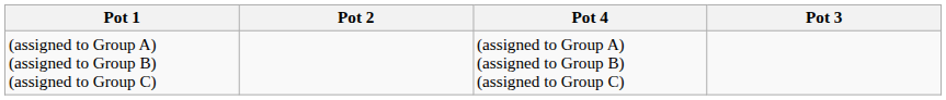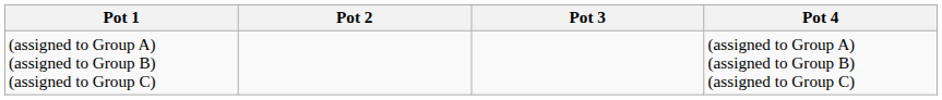 <table class="wikitable" style="width:900px">
 <tr>
 <th style="width:25%;">Pot 1</th>
 <th style="width:25%;">Pot 2</th>
+<th style="width:25%;">Pot 3</th>
 <th style="width:25%;">Pot 4</th>
-<th style="width:25%;">Pot 3</th>
 </tr>
 <tr>
 <td> (assigned to Group A)<br> (assigned to Group B)<br> (assigned to Group C)</td>
 <td><br><br></td>
+<td><br><br></td>
 <td> (assigned to Group A)<br> (assigned to Group B)<br> (assigned to Group C)</td>
-<td><br><br></td>
 </tr>
 </table>
